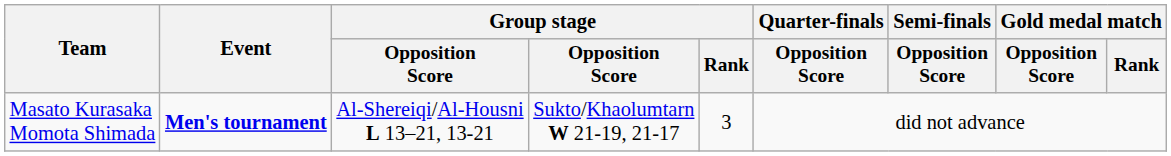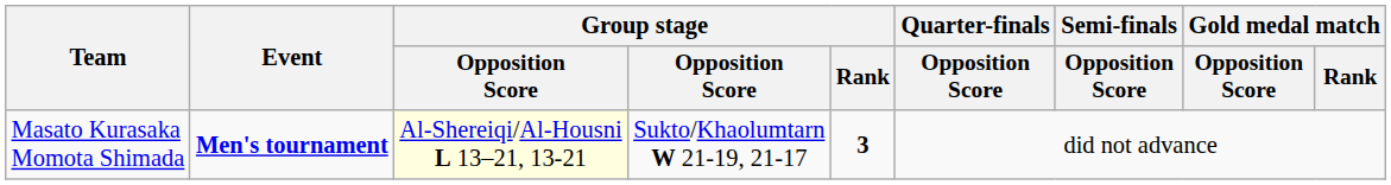 <table class="wikitable" style="font-size:90%">
 <tr>
 <th rowspan=2>Team</th>
 <th rowspan=2>Event</th>
 <th colspan=3>Group stage</th>
 <th>Quarter-finals</th>
 <th>Semi-finals</th>
 <th colspan=2>Gold medal match</th>
 </tr>
 <tr style="font-size:95%">
 <th>Opposition<br>Score</th>
 <th>Opposition<br>Score</th>
 <th>Rank</th>
 <th>Opposition<br>Score</th>
 <th>Opposition<br>Score</th>
 <th>Opposition<br>Score</th>
 <th>Rank</th>
 </tr>
 <tr align=center>
 <td align=left><a href='#'>Masato Kurasaka</a><br><a href='#'>Momota Shimada</a></td>
 <td align=left><strong><a href='#'>Men's tournament</a></strong></td>
-<td> <a href='#'>Al-Shereiqi</a>/<a href='#'>Al-Housni</a><br><strong>L</strong> 13–21, 13-21</td>
+<td style="background: lightyellow;"> <a href='#'>Al-Shereiqi</a>/<a href='#'>Al-Housni</a><br><strong>L</strong> 13–21, 13-21</td>
 <td> <a href='#'>Sukto</a>/<a href='#'>Khaolumtarn</a><br><strong>W</strong> 21-19, 21-17</td>
-<td>3</td>
+<td><strong>3</strong></td>
 <td colspan=4>did not advance</td>
 </tr>
 </table>
